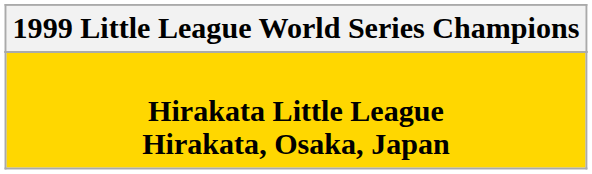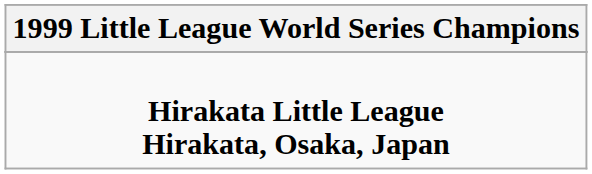 <table class="wikitable" style="text-align: center; margin: 0 auto;">
 <tr>
 <th>1999 Little League World Series Champions</th>
 </tr>
 <tr>
 </tr>
 <tr>
-<td style="background: gold;"><br><strong>Hirakata Little League</strong><br><strong>Hirakata, Osaka, Japan</strong></td>
+<td><br><strong>Hirakata Little League</strong><br><strong>Hirakata, Osaka, Japan</strong></td>
 </tr>
 </table>
